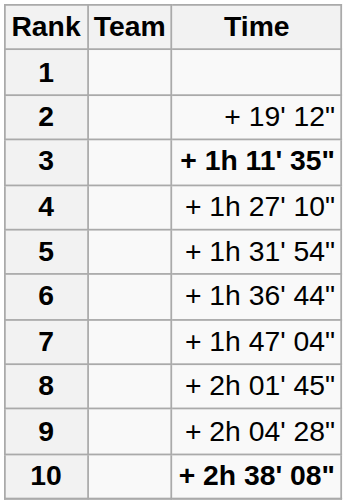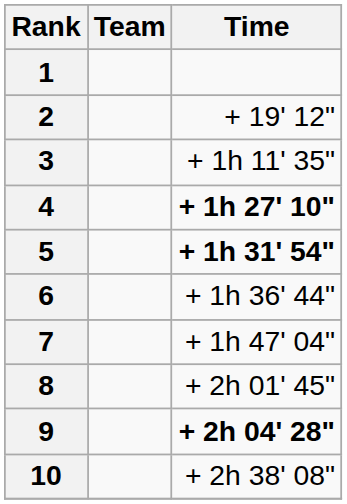 <table class="wikitable">
 <tr>
 <th scope="col">Rank</th>
 <th scope="col">Team</th>
 <th scope="col">Time</th>
 </tr>
 <tr>
 <th scope="row">1</th>
 <td>  </td>
 <td></td>
 </tr>
 <tr>
 <th scope="row">2</th>
 <td> </td>
 <td style="text-align:right;">+ 19' 12"</td>
 </tr>
 <tr>
 <th scope="row">3</th>
 <td> </td>
-<td style="text-align:right;"><strong>+ 1h 11' 35"</strong></td>
+<td style="text-align:right;">+ 1h 11' 35"</td>
 </tr>
 <tr>
 <th scope="row">4</th>
 <td> </td>
-<td style="text-align:right;">+ 1h 27' 10"</td>
+<td style="text-align:right;"><strong>+ 1h 27' 10"</strong></td>
 </tr>
 <tr>
 <th scope="row">5</th>
 <td> </td>
-<td style="text-align:right;">+ 1h 31' 54"</td>
+<td style="text-align:right;"><strong>+ 1h 31' 54"</strong></td>
 </tr>
 <tr>
 <th scope="row">6</th>
 <td> </td>
 <td style="text-align:right;">+ 1h 36' 44"</td>
 </tr>
 <tr>
 <th scope="row">7</th>
 <td> </td>
 <td style="text-align:right;">+ 1h 47' 04"</td>
 </tr>
 <tr>
 <th scope="row">8</th>
 <td> </td>
 <td style="text-align:right;">+ 2h 01' 45"</td>
 </tr>
 <tr>
 <th scope="row">9</th>
 <td> </td>
-<td style="text-align:right;">+ 2h 04' 28"</td>
+<td style="text-align:right;"><strong>+ 2h 04' 28"</strong></td>
 </tr>
 <tr>
 <th scope="row">10</th>
 <td> </td>
-<td style="text-align:right;"><strong>+ 2h 38' 08"</strong></td>
+<td style="text-align:right;">+ 2h 38' 08"</td>
 </tr>
 <tr>
 </tr>
 </table>
